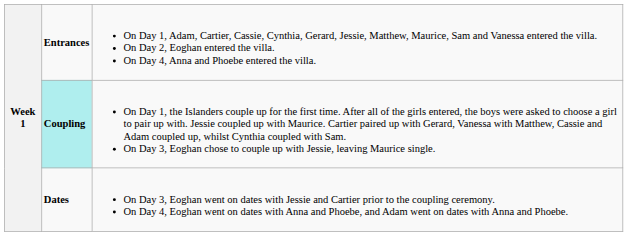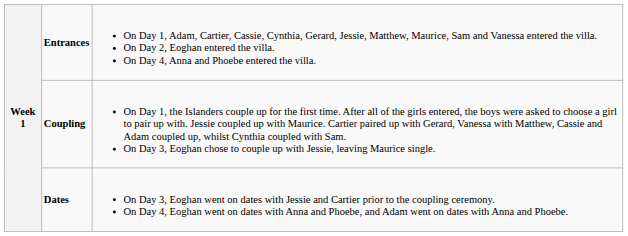 <table class="wikitable" style="width: 96%; margin-left: auto; margin-right: auto; font-size:90%;">
 <tr>
 <th rowspan="5" style="width: 6%;">Week 1</th>
 <td><strong>Entrances</strong></td>
 <td><br><ul><li>On Day 1, Adam, Cartier, Cassie, Cynthia, Gerard, Jessie, Matthew, Maurice, Sam and Vanessa entered the villa.</li><li>On Day 2, Eoghan entered the villa.</li><li>On Day 4, Anna and Phoebe entered the villa.</li></ul></td>
 </tr>
 <tr>
-<td style="background: paleturquoise;"><strong>Coupling</strong></td>
+<td><strong>Coupling</strong></td>
 <td><br><ul><li>On Day 1, the Islanders couple up for the first time. After all of the girls entered, the boys were asked to choose a girl to pair up with. Jessie coupled up with Maurice. Cartier paired up with Gerard, Vanessa with Matthew, Cassie and Adam coupled up, whilst Cynthia coupled with Sam.</li><li>On Day 3, Eoghan chose to couple up with Jessie, leaving Maurice single.</li></ul></td>
 </tr>
 <tr>
 <td><strong>Dates</strong></td>
 <td><br><ul><li>On Day 3, Eoghan went on dates with Jessie and Cartier prior to the coupling ceremony.</li><li>On Day 4, Eoghan went on dates with Anna and Phoebe, and Adam went on dates with Anna and Phoebe.</li></ul></td>
 </tr>
 </table>
